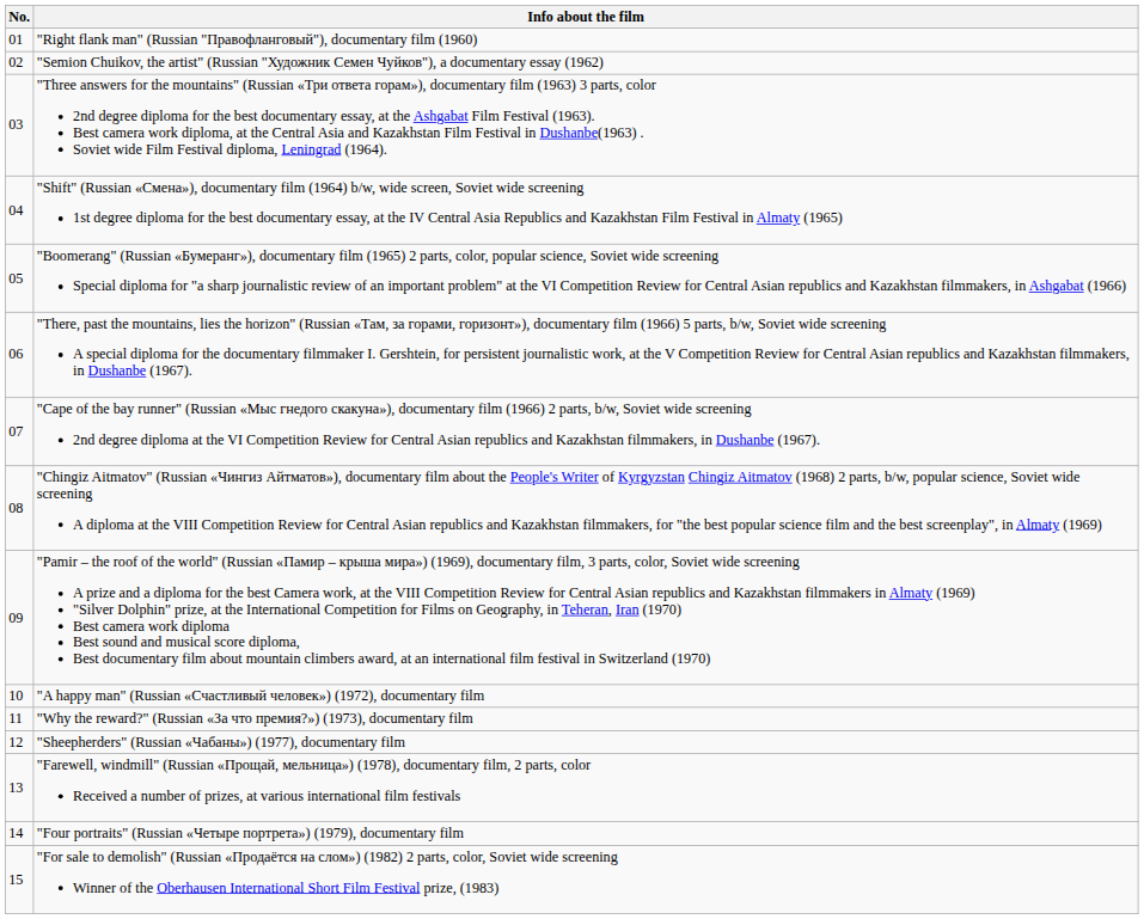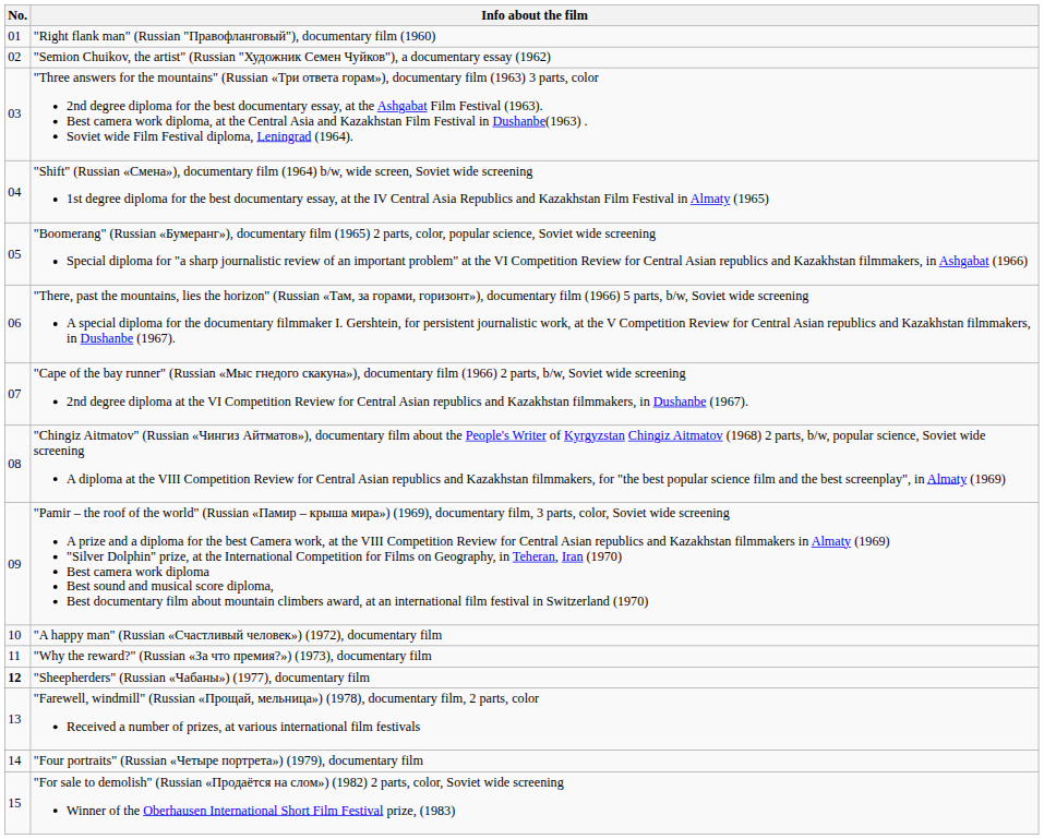 <table class="wikitable sortable">
 <tr>
 <th>No.</th>
 <th>Info about the film</th>
 </tr>
 <tr>
 <td>01</td>
 <td>"Right flank man" (Russian "Правофланговый"), documentary film (1960)</td>
 </tr>
 <tr>
 <td>02</td>
 <td>"Semion Chuikov, the artist" (Russian "Художник Семен Чуйков"), a documentary essay (1962)</td>
 </tr>
 <tr>
 <td>03</td>
 <td>"Three answers for the mountains" (Russian «Три ответа горам»), documentary film (1963) 3 parts, color<br><ul><li>2nd degree diploma for the best documentary essay, at the <a href='#'>Ashgabat</a> Film Festival (1963).</li><li>Best camera work diploma, at the Central Asia and Kazakhstan Film Festival in <a href='#'>Dushanbe</a>(1963) .</li><li>Soviet wide Film Festival diploma, <a href='#'>Leningrad</a> (1964).</li></ul></td>
 </tr>
 <tr>
 <td>04</td>
 <td>"Shift" (Russian «Смена»), documentary film (1964) b/w, wide screen, Soviet wide screening<br><ul><li>1st degree diploma for the best documentary essay, at the IV Central Asia Republics and Kazakhstan Film Festival in <a href='#'>Almaty</a> (1965)</li></ul></td>
 </tr>
 <tr>
 <td>05</td>
 <td>"Boomerang" (Russian «Бумеранг»), documentary film (1965) 2 parts, color, popular science, Soviet wide screening<br><ul><li>Special diploma for "a sharp journalistic review of an important problem" at the VI Competition Review for Central Asian republics and Kazakhstan filmmakers, in <a href='#'>Ashgabat</a> (1966)</li></ul></td>
 </tr>
 <tr>
 <td>06</td>
 <td>"There, past the mountains, lies the horizon" (Russian «Там, за горами, горизонт»), documentary film (1966) 5 parts, b/w, Soviet wide screening<br><ul><li>A special diploma for the documentary filmmaker I. Gershtein, for persistent journalistic work, at the V Competition Review for Central Asian republics and Kazakhstan filmmakers, in <a href='#'>Dushanbe</a> (1967).</li></ul></td>
 </tr>
 <tr>
 <td>07</td>
 <td>"Cape of the bay runner" (Russian «Мыс гнедого скакуна»), documentary film (1966) 2 parts, b/w, Soviet wide screening<br><ul><li>2nd degree diploma at the VI Competition Review for Central Asian republics and Kazakhstan filmmakers, in <a href='#'>Dushanbe</a> (1967).</li></ul></td>
 </tr>
 <tr>
 <td>08</td>
 <td>"Chingiz Aitmatov" (Russian «Чингиз Айтматов»), documentary film about the <a href='#'>People's Writer</a> of <a href='#'>Kyrgyzstan</a> <a href='#'>Chingiz Aitmatov</a> (1968) 2 parts, b/w, popular science, Soviet wide screening<br><ul><li>A diploma at the VIII Competition Review for Central Asian republics and Kazakhstan filmmakers, for "the best popular science film and the best screenplay", in <a href='#'>Almaty</a> (1969)</li></ul></td>
 </tr>
 <tr>
 <td>09</td>
 <td>"Pamir – the roof of the world" (Russian «Памир – крыша мира») (1969), documentary film, 3 parts, color, Soviet wide screening<br><ul><li>A prize and a diploma for the best Camera work, at the VIII Competition Review for Central Asian republics and Kazakhstan filmmakers in <a href='#'>Almaty</a> (1969)</li><li>"Silver Dolphin" prize, at the International Competition for Films on Geography, in <a href='#'>Teheran</a>, <a href='#'>Iran</a> (1970)</li><li>Best camera work diploma</li><li>Best sound and musical score diploma,</li><li>Best documentary film about mountain climbers award, at an international film festival in Switzerland (1970)</li></ul></td>
 </tr>
 <tr>
 <td>10</td>
 <td>"A happy man" (Russian «Счастливый человек») (1972), documentary film</td>
 </tr>
 <tr>
 <td>11</td>
 <td>"Why the reward?" (Russian «За что премия?») (1973), documentary film</td>
 </tr>
 <tr>
-<td>12</td>
+<td><strong>12</strong></td>
 <td>"Sheepherders" (Russian «Чабаны») (1977), documentary film</td>
 </tr>
 <tr>
 <td>13</td>
 <td>"Farewell, windmill" (Russian «Прощай, мельница») (1978), documentary film, 2 parts, color<br><ul><li>Received a number of prizes, at various international film festivals</li></ul></td>
 </tr>
 <tr>
 <td>14</td>
 <td>"Four portraits" (Russian «Четыре портрета») (1979), documentary film</td>
 </tr>
 <tr>
 <td>15</td>
 <td>"For sale to demolish" (Russian «Продаётся на слом») (1982) 2 parts, color, Soviet wide screening<br><ul><li>Winner of the <a href='#'>Oberhausen International Short Film Festival</a> prize, (1983)</li></ul></td>
 </tr>
 </table>
